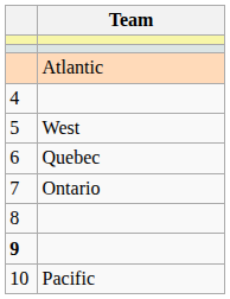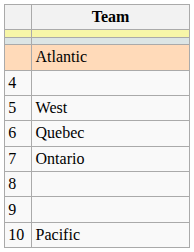 <table class="wikitable">
 <tr>
 <th width=20></th>
 <th width=150>Team</th>
 </tr>
 <tr style="background:#F7F6A8;">
 <td align="center"></td>
 <td></td>
 </tr>
 <tr style="background:#DCE5E5;">
 <td align="center"></td>
 <td></td>
 </tr>
 <tr style="background:#FFDAB9;">
 <td align="center"></td>
 <td> Atlantic</td>
 </tr>
 <tr>
 <td>4</td>
 <td></td>
 </tr>
 <tr>
 <td>5</td>
 <td> West</td>
 </tr>
 <tr>
 <td>6</td>
 <td> Quebec</td>
 </tr>
 <tr>
 <td>7</td>
 <td> Ontario</td>
 </tr>
 <tr>
 <td>8</td>
 <td></td>
 </tr>
 <tr>
-<td><strong>9</strong></td>
+<td>9</td>
 <td></td>
 </tr>
 <tr>
 <td>10</td>
 <td> Pacific</td>
 </tr>
 </table>
